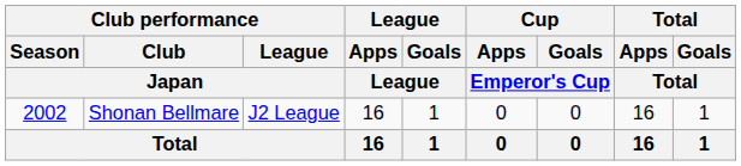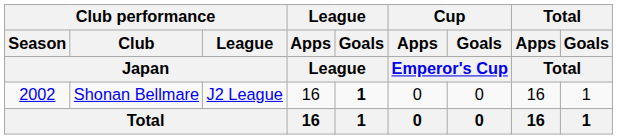 <table class="wikitable" style="text-align:center;">
 <tr>
 <th colspan=3>Club performance</th>
 <th colspan=2>League</th>
 <th colspan=2>Cup</th>
 <th colspan=2>Total</th>
 </tr>
 <tr>
 <th>Season</th>
 <th>Club</th>
 <th>League</th>
 <th>Apps</th>
 <th>Goals</th>
 <th>Apps</th>
 <th>Goals</th>
 <th>Apps</th>
 <th>Goals</th>
 </tr>
 <tr>
 <th colspan=3>Japan</th>
 <th colspan=2>League</th>
 <th colspan=2><a href='#'>Emperor's Cup</a></th>
 <th colspan=2>Total</th>
 </tr>
 <tr>
 <td><a href='#'>2002</a></td>
 <td><a href='#'>Shonan Bellmare</a></td>
 <td><a href='#'>J2 League</a></td>
 <td>16</td>
-<td>1</td>
+<td><strong>1</strong></td>
 <td>0</td>
 <td>0</td>
 <td>16</td>
 <td>1</td>
 </tr>
 <tr>
 <th colspan=3>Total</th>
 <th>16</th>
 <th>1</th>
 <th>0</th>
 <th>0</th>
 <th>16</th>
 <th>1</th>
 </tr>
 </table>
